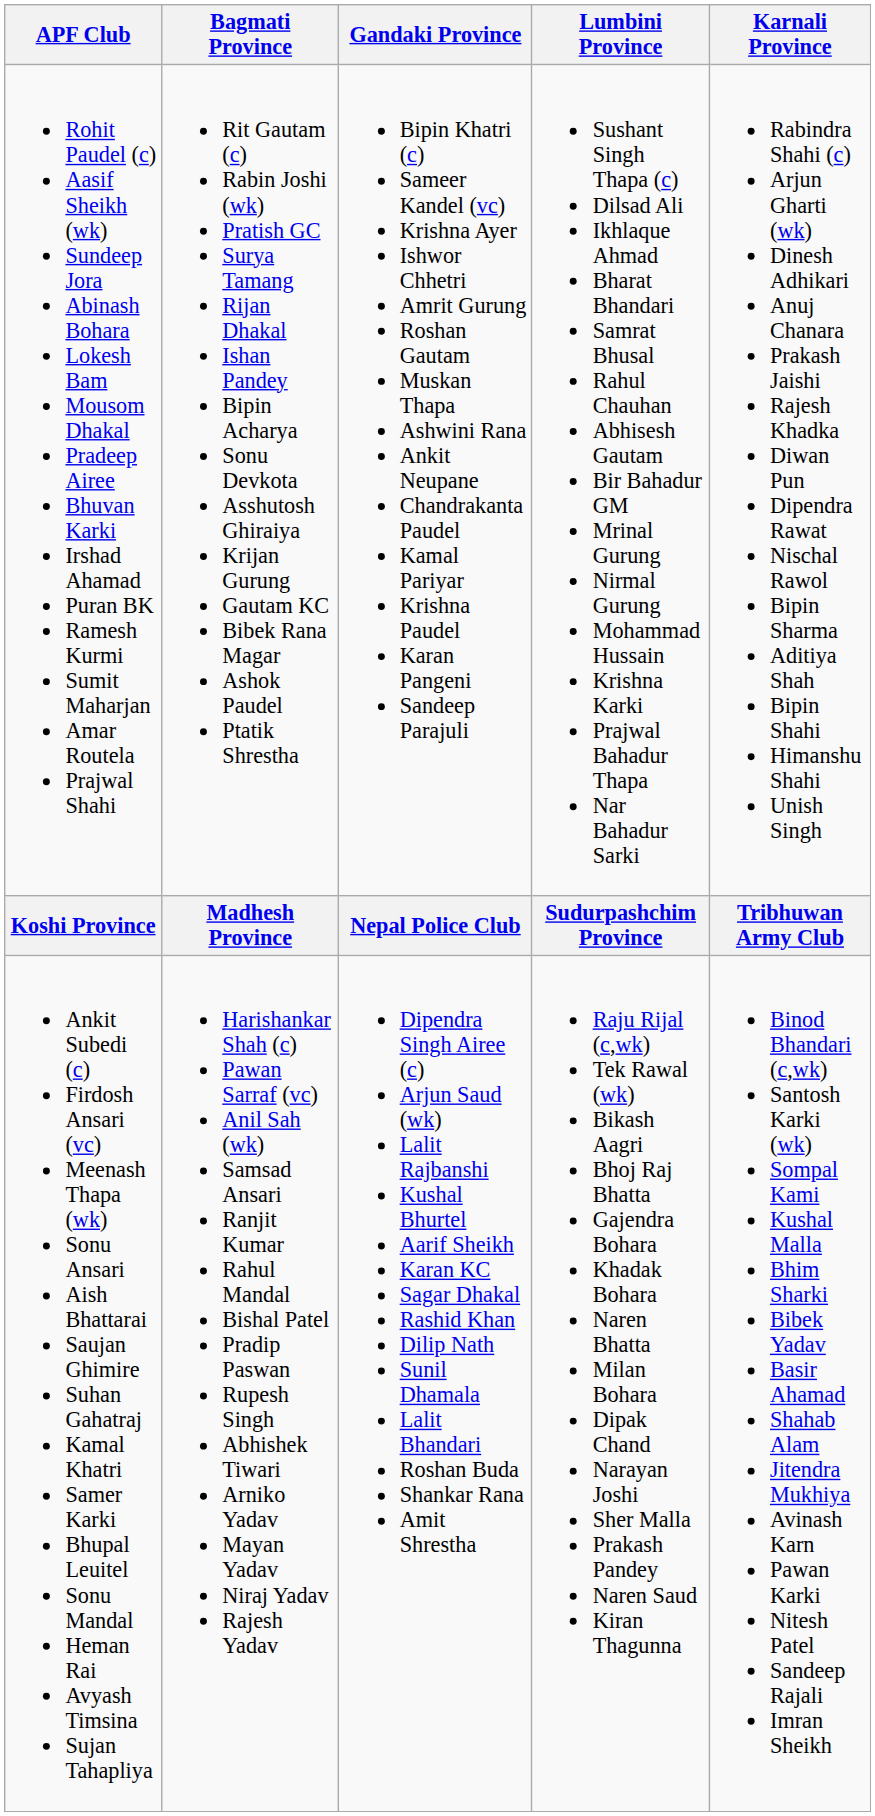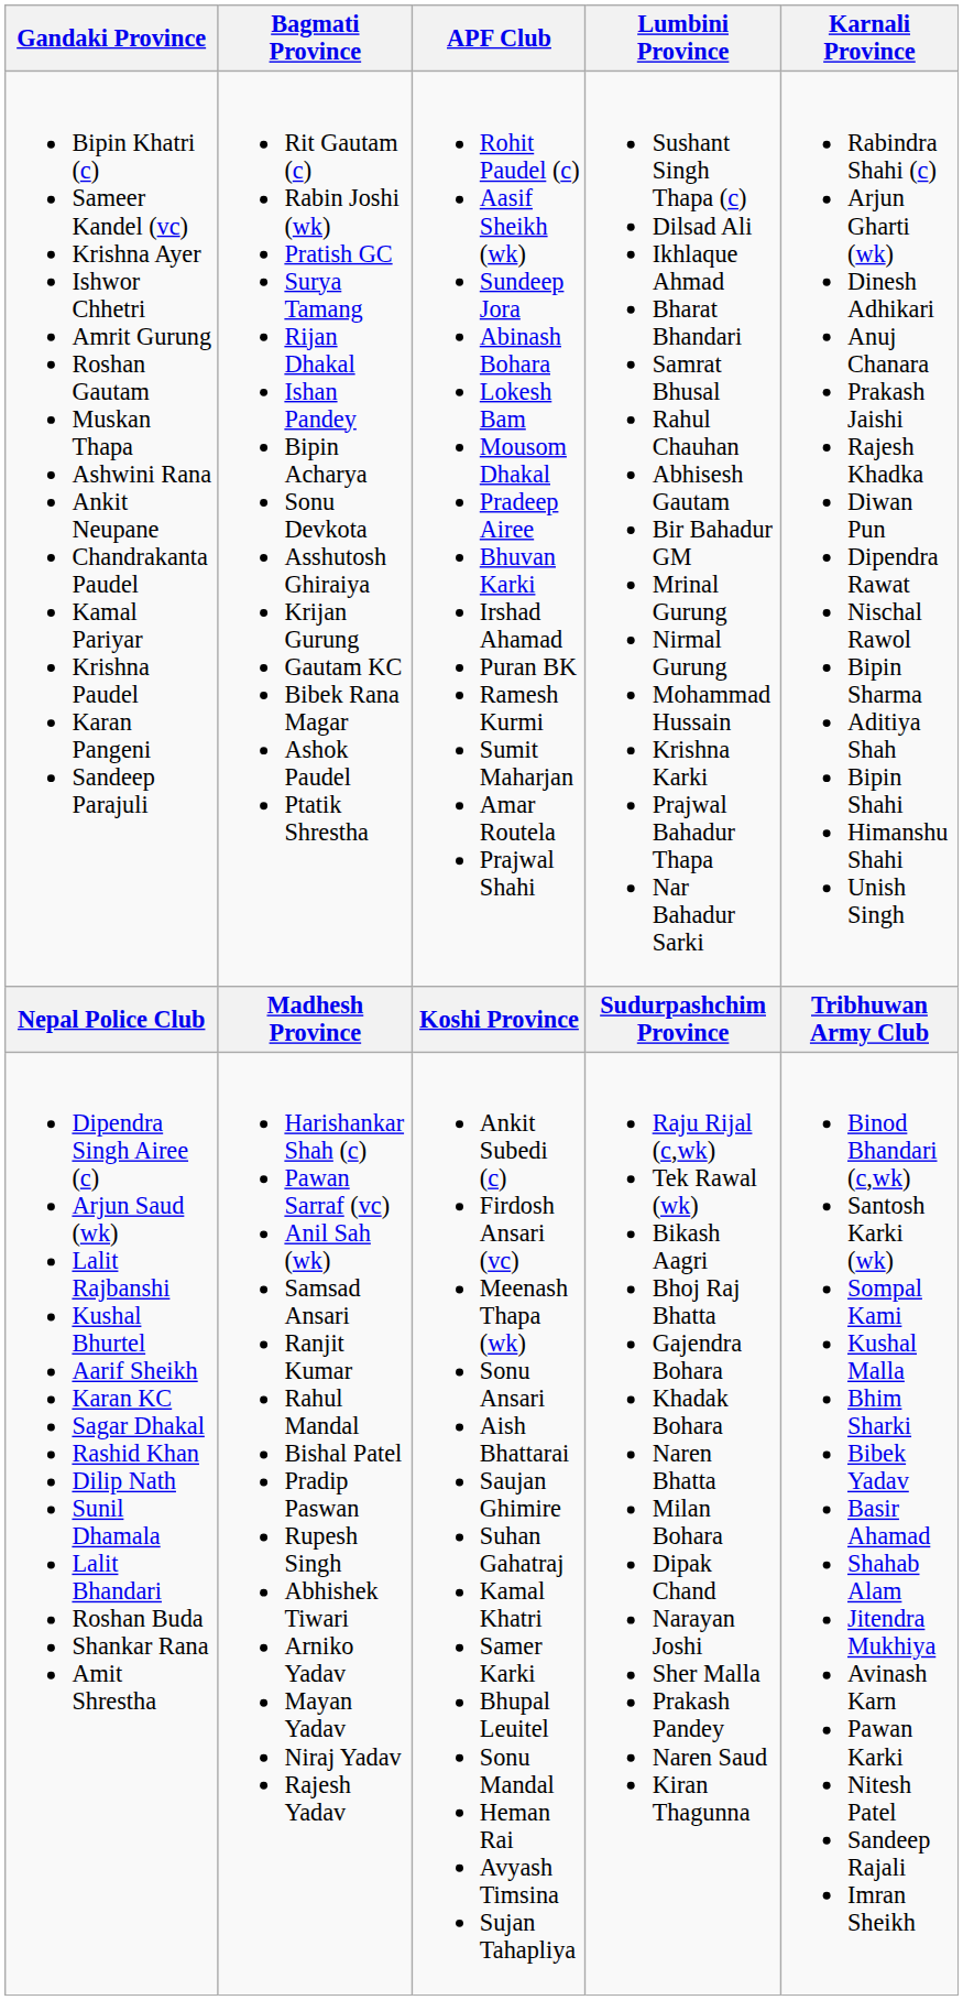 <table class="wikitable" style="text-align:left; margin:auto">
 <tr>
+<th><a href='#'>Gandaki Province</a></th>
+<th><a href='#'>Bagmati Province</a></th>
 <th><a href='#'>APF Club</a></th>
-<th><a href='#'>Bagmati Province</a></th>
-<th><a href='#'>Gandaki Province</a></th>
 <th><a href='#'>Lumbini Province</a></th>
 <th><a href='#'>Karnali Province</a></th>
 </tr>
 <tr>
+<td valign=top><br><ul><li>Bipin Khatri (<a href='#'>c</a>)</li><li>Sameer Kandel (<a href='#'>vc</a>)</li><li>Krishna Ayer</li><li>Ishwor Chhetri</li><li>Amrit Gurung</li><li>Roshan Gautam</li><li>Muskan Thapa</li><li>Ashwini Rana</li><li>Ankit Neupane</li><li>Chandrakanta Paudel</li><li>Kamal Pariyar</li><li>Krishna Paudel</li><li>Karan Pangeni</li><li>Sandeep Parajuli</li></ul></td>
+<td valign=top><br><ul><li>Rit Gautam (<a href='#'>c</a>)</li><li>Rabin Joshi (<a href='#'>wk</a>)</li><li><a href='#'>Pratish GC</a></li><li><a href='#'>Surya Tamang</a></li><li><a href='#'>Rijan Dhakal</a></li><li><a href='#'>Ishan Pandey</a></li><li>Bipin Acharya</li><li>Sonu Devkota</li><li>Asshutosh Ghiraiya</li><li>Krijan Gurung</li><li>Gautam KC</li><li>Bibek Rana Magar</li><li>Ashok Paudel</li><li>Ptatik Shrestha</li></ul></td>
 <td valign=top><br><ul><li><a href='#'>Rohit Paudel</a> (<a href='#'>c</a>)</li><li><a href='#'>Aasif Sheikh</a> (<a href='#'>wk</a>)</li><li><a href='#'>Sundeep Jora</a></li><li><a href='#'>Abinash Bohara</a></li><li><a href='#'>Lokesh Bam</a></li><li><a href='#'>Mousom Dhakal</a></li><li><a href='#'>Pradeep Airee</a></li><li><a href='#'>Bhuvan Karki</a></li><li>Irshad Ahamad</li><li>Puran BK</li><li>Ramesh Kurmi</li><li>Sumit Maharjan</li><li>Amar Routela</li><li>Prajwal Shahi</li></ul></td>
-<td valign=top><br><ul><li>Rit Gautam (<a href='#'>c</a>)</li><li>Rabin Joshi (<a href='#'>wk</a>)</li><li><a href='#'>Pratish GC</a></li><li><a href='#'>Surya Tamang</a></li><li><a href='#'>Rijan Dhakal</a></li><li><a href='#'>Ishan Pandey</a></li><li>Bipin Acharya</li><li>Sonu Devkota</li><li>Asshutosh Ghiraiya</li><li>Krijan Gurung</li><li>Gautam KC</li><li>Bibek Rana Magar</li><li>Ashok Paudel</li><li>Ptatik Shrestha</li></ul></td>
-<td valign=top><br><ul><li>Bipin Khatri (<a href='#'>c</a>)</li><li>Sameer Kandel (<a href='#'>vc</a>)</li><li>Krishna Ayer</li><li>Ishwor Chhetri</li><li>Amrit Gurung</li><li>Roshan Gautam</li><li>Muskan Thapa</li><li>Ashwini Rana</li><li>Ankit Neupane</li><li>Chandrakanta Paudel</li><li>Kamal Pariyar</li><li>Krishna Paudel</li><li>Karan Pangeni</li><li>Sandeep Parajuli</li></ul></td>
 <td valign=top><br><ul><li>Sushant Singh Thapa (<a href='#'>c</a>)</li><li>Dilsad Ali</li><li>Ikhlaque Ahmad</li><li>Bharat Bhandari</li><li>Samrat Bhusal</li><li>Rahul Chauhan</li><li>Abhisesh Gautam</li><li>Bir Bahadur GM</li><li>Mrinal Gurung</li><li>Nirmal Gurung</li><li>Mohammad Hussain</li><li>Krishna Karki</li><li>Prajwal Bahadur Thapa</li><li>Nar Bahadur Sarki</li></ul></td>
 <td valign=top><br><ul><li>Rabindra Shahi (<a href='#'>c</a>)</li><li>Arjun Gharti (<a href='#'>wk</a>)</li><li>Dinesh Adhikari</li><li>Anuj Chanara</li><li>Prakash Jaishi</li><li>Rajesh Khadka</li><li>Diwan Pun</li><li>Dipendra Rawat</li><li>Nischal Rawol</li><li>Bipin Sharma</li><li>Aditiya Shah</li><li>Bipin Shahi</li><li>Himanshu Shahi</li><li>Unish Singh</li></ul></td>
 </tr>
 <tr>
+<th><a href='#'>Nepal Police Club</a></th>
+<th><a href='#'>Madhesh Province</a></th>
 <th><a href='#'>Koshi Province</a></th>
-<th><a href='#'>Madhesh Province</a></th>
-<th><a href='#'>Nepal Police Club</a></th>
 <th><a href='#'>Sudurpashchim Province</a></th>
 <th><a href='#'>Tribhuwan Army Club</a></th>
 </tr>
 <tr>
+<td valign=top><br><ul><li><a href='#'>Dipendra Singh Airee</a> (<a href='#'>c</a>)</li><li><a href='#'>Arjun Saud</a> (<a href='#'>wk</a>)</li><li><a href='#'>Lalit Rajbanshi</a></li><li><a href='#'>Kushal Bhurtel</a></li><li><a href='#'>Aarif Sheikh</a></li><li><a href='#'>Karan KC</a></li><li><a href='#'>Sagar Dhakal</a></li><li><a href='#'>Rashid Khan</a></li><li><a href='#'>Dilip Nath</a></li><li><a href='#'>Sunil Dhamala</a></li><li><a href='#'>Lalit Bhandari</a></li><li>Roshan Buda</li><li>Shankar Rana</li><li>Amit Shrestha</li></ul></td>
+<td valign=top><br><ul><li><a href='#'>Harishankar Shah</a> (<a href='#'>c</a>)</li><li><a href='#'>Pawan Sarraf</a> (<a href='#'>vc</a>)</li><li><a href='#'>Anil Sah</a> (<a href='#'>wk</a>)</li><li>Samsad Ansari</li><li>Ranjit Kumar</li><li>Rahul Mandal</li><li>Bishal Patel</li><li>Pradip Paswan</li><li>Rupesh Singh</li><li>Abhishek Tiwari</li><li>Arniko Yadav</li><li>Mayan Yadav</li><li>Niraj Yadav</li><li>Rajesh Yadav</li></ul></td>
 <td valign=top><br><ul><li>Ankit Subedi (<a href='#'>c</a>)</li><li>Firdosh Ansari (<a href='#'>vc</a>)</li><li>Meenash Thapa (<a href='#'>wk</a>)</li><li>Sonu Ansari</li><li>Aish Bhattarai</li><li>Saujan Ghimire</li><li>Suhan Gahatraj</li><li>Kamal Khatri</li><li>Samer Karki</li><li>Bhupal Leuitel</li><li>Sonu Mandal</li><li>Heman Rai</li><li>Avyash Timsina</li><li>Sujan Tahapliya</li></ul></td>
-<td valign=top><br><ul><li><a href='#'>Harishankar Shah</a> (<a href='#'>c</a>)</li><li><a href='#'>Pawan Sarraf</a> (<a href='#'>vc</a>)</li><li><a href='#'>Anil Sah</a> (<a href='#'>wk</a>)</li><li>Samsad Ansari</li><li>Ranjit Kumar</li><li>Rahul Mandal</li><li>Bishal Patel</li><li>Pradip Paswan</li><li>Rupesh Singh</li><li>Abhishek Tiwari</li><li>Arniko Yadav</li><li>Mayan Yadav</li><li>Niraj Yadav</li><li>Rajesh Yadav</li></ul></td>
-<td valign=top><br><ul><li><a href='#'>Dipendra Singh Airee</a> (<a href='#'>c</a>)</li><li><a href='#'>Arjun Saud</a> (<a href='#'>wk</a>)</li><li><a href='#'>Lalit Rajbanshi</a></li><li><a href='#'>Kushal Bhurtel</a></li><li><a href='#'>Aarif Sheikh</a></li><li><a href='#'>Karan KC</a></li><li><a href='#'>Sagar Dhakal</a></li><li><a href='#'>Rashid Khan</a></li><li><a href='#'>Dilip Nath</a></li><li><a href='#'>Sunil Dhamala</a></li><li><a href='#'>Lalit Bhandari</a></li><li>Roshan Buda</li><li>Shankar Rana</li><li>Amit Shrestha</li></ul></td>
 <td valign=top><br><ul><li><a href='#'>Raju Rijal</a> (<a href='#'>c</a>,<a href='#'>wk</a>)</li><li>Tek Rawal (<a href='#'>wk</a>)</li><li>Bikash Aagri</li><li>Bhoj Raj Bhatta</li><li>Gajendra Bohara</li><li>Khadak Bohara</li><li>Naren Bhatta</li><li>Milan Bohara</li><li>Dipak Chand</li><li>Narayan Joshi</li><li>Sher Malla</li><li>Prakash Pandey</li><li>Naren Saud</li><li>Kiran Thagunna</li></ul></td>
 <td valign=top><br><ul><li><a href='#'>Binod Bhandari</a> (<a href='#'>c</a>,<a href='#'>wk</a>)</li><li>Santosh Karki (<a href='#'>wk</a>)</li><li><a href='#'>Sompal Kami</a></li><li><a href='#'>Kushal Malla</a></li><li><a href='#'>Bhim Sharki</a></li><li><a href='#'>Bibek Yadav</a></li><li><a href='#'>Basir Ahamad</a></li><li><a href='#'>Shahab Alam</a></li><li><a href='#'>Jitendra Mukhiya</a></li><li>Avinash Karn</li><li>Pawan Karki</li><li>Nitesh Patel</li><li>Sandeep Rajali</li><li>Imran Sheikh</li></ul></td>
 </tr>
 </table>
